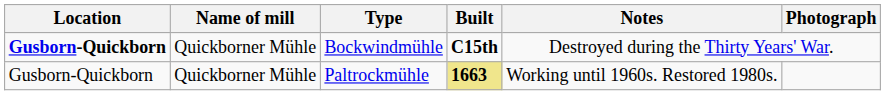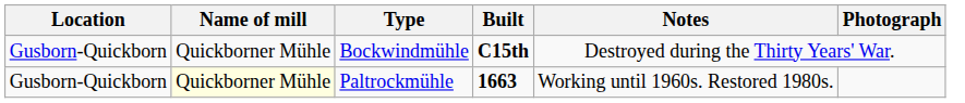 <table class="wikitable sortable">
 <tr>
 <th>Location</th>
 <th>Name of mill</th>
 <th>Type</th>
 <th>Built</th>
 <th class="unsortable">Notes</th>
 <th class="unsortable">Photograph</th>
 </tr>
 <tr>
-<td><strong><a href='#'>Gusborn</a>-Quickborn</strong></td>
+<td><a href='#'>Gusborn</a>-Quickborn</td>
 <td>Quickborner Mühle</td>
 <td><a href='#'>Bockwindmühle</a></td>
 <td><strong>C15th</strong></td>
 <td colspan="2" style="text-align:center;">Destroyed during the <a href='#'>Thirty Years' War</a>.</td>
 </tr>
 <tr>
 <td>Gusborn-Quickborn</td>
-<td>Quickborner Mühle</td>
+<td style="background: lightyellow;">Quickborner Mühle</td>
 <td><a href='#'>Paltrockmühle</a></td>
-<td style="background: khaki;"><strong>1663</strong></td>
+<td><strong>1663</strong></td>
 <td>Working until 1960s. Restored 1980s.</td>
 <td></td>
 </tr>
 </table>
